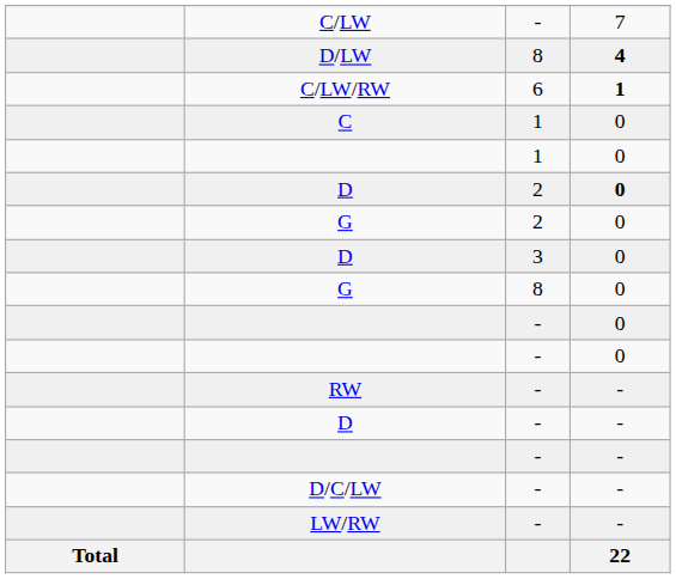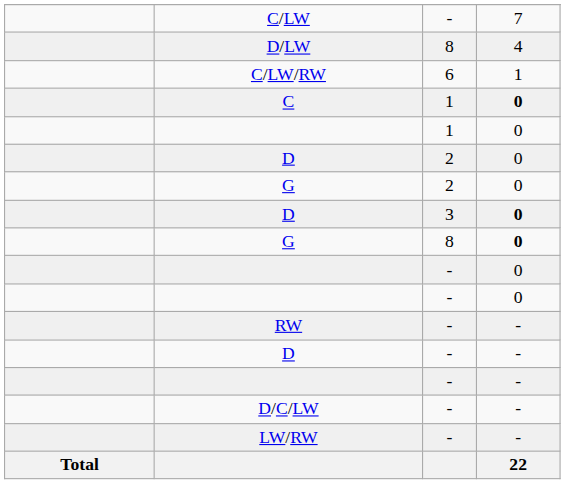 <table class="wikitable sortable" width ="40%">
 <tr align="center">
 </tr>
 <tr align="center" bgcolor="">
 <td></td>
 <td><a href='#'>C</a>/<a href='#'>LW</a></td>
 <td>-</td>
 <td>7</td>
 </tr>
 <tr align="center" bgcolor="f0f0f0">
 <td></td>
 <td><a href='#'>D</a>/<a href='#'>LW</a></td>
 <td>8</td>
-<td><strong>4</strong></td>
+<td>4</td>
 </tr>
 <tr align="center" bgcolor="">
 <td></td>
 <td><a href='#'>C</a>/<a href='#'>LW</a>/<a href='#'>RW</a></td>
 <td>6</td>
-<td><strong>1</strong></td>
+<td>1</td>
 </tr>
 <tr align="center" bgcolor="f0f0f0">
 <td></td>
 <td><a href='#'>C</a></td>
 <td>1</td>
-<td>0</td>
+<td><strong>0</strong></td>
 </tr>
 <tr align="center" bgcolor="">
 <td></td>
 <td></td>
 <td>1</td>
 <td>0</td>
 </tr>
 <tr align="center" bgcolor="f0f0f0">
 <td></td>
 <td><a href='#'>D</a></td>
 <td>2</td>
-<td><strong>0</strong></td>
+<td>0</td>
 </tr>
 <tr align="center" bgcolor="">
 <td></td>
 <td><a href='#'>G</a></td>
 <td>2</td>
 <td>0</td>
 </tr>
 <tr align="center" bgcolor="f0f0f0">
 <td></td>
 <td><a href='#'>D</a></td>
 <td>3</td>
-<td>0</td>
+<td><strong>0</strong></td>
 </tr>
 <tr align="center" bgcolor="">
 <td></td>
 <td><a href='#'>G</a></td>
 <td>8</td>
-<td>0</td>
+<td><strong>0</strong></td>
 </tr>
 <tr align="center" bgcolor="f0f0f0">
 <td></td>
 <td></td>
 <td>-</td>
 <td>0</td>
 </tr>
 <tr align="center" bgcolor="">
 <td></td>
 <td></td>
 <td>-</td>
 <td>0</td>
 </tr>
 <tr align="center" bgcolor="f0f0f0">
 <td></td>
 <td><a href='#'>RW</a></td>
 <td>-</td>
 <td>-</td>
 </tr>
 <tr align="center" bgcolor="">
 <td></td>
 <td><a href='#'>D</a></td>
 <td>-</td>
 <td>-</td>
 </tr>
 <tr align="center" bgcolor="f0f0f0">
 <td></td>
 <td></td>
 <td>-</td>
 <td>-</td>
 </tr>
 <tr align="center" bgcolor="">
 <td></td>
 <td><a href='#'>D</a>/<a href='#'>C</a>/<a href='#'>LW</a></td>
 <td>-</td>
 <td>-</td>
 </tr>
 <tr align="center" bgcolor="f0f0f0">
 <td></td>
 <td><a href='#'>LW</a>/<a href='#'>RW</a></td>
 <td>-</td>
 <td>-</td>
 </tr>
 <tr>
 <th>Total</th>
 <th></th>
 <th></th>
 <th>22</th>
 </tr>
 </table>
